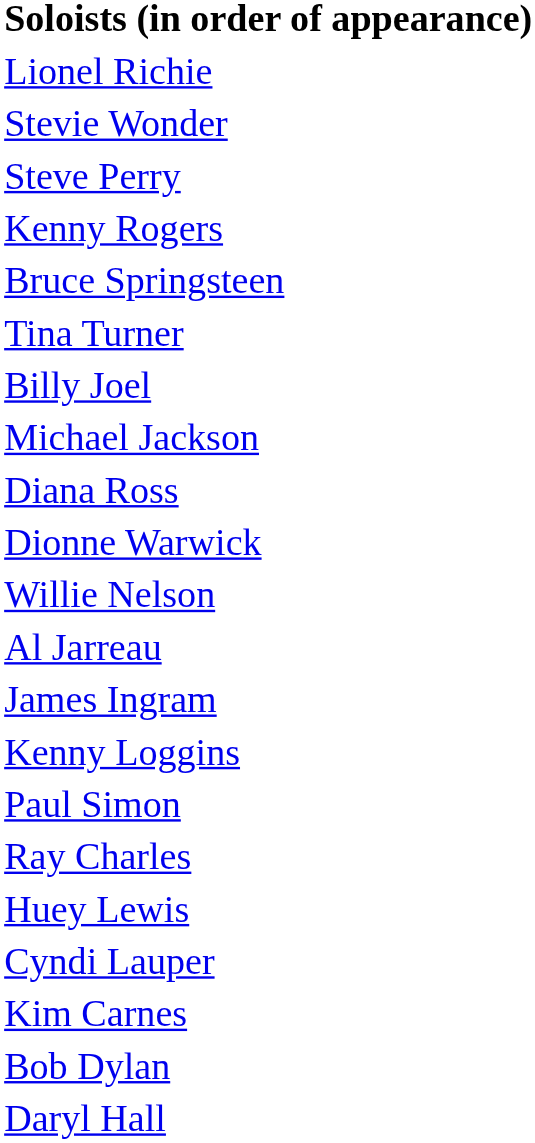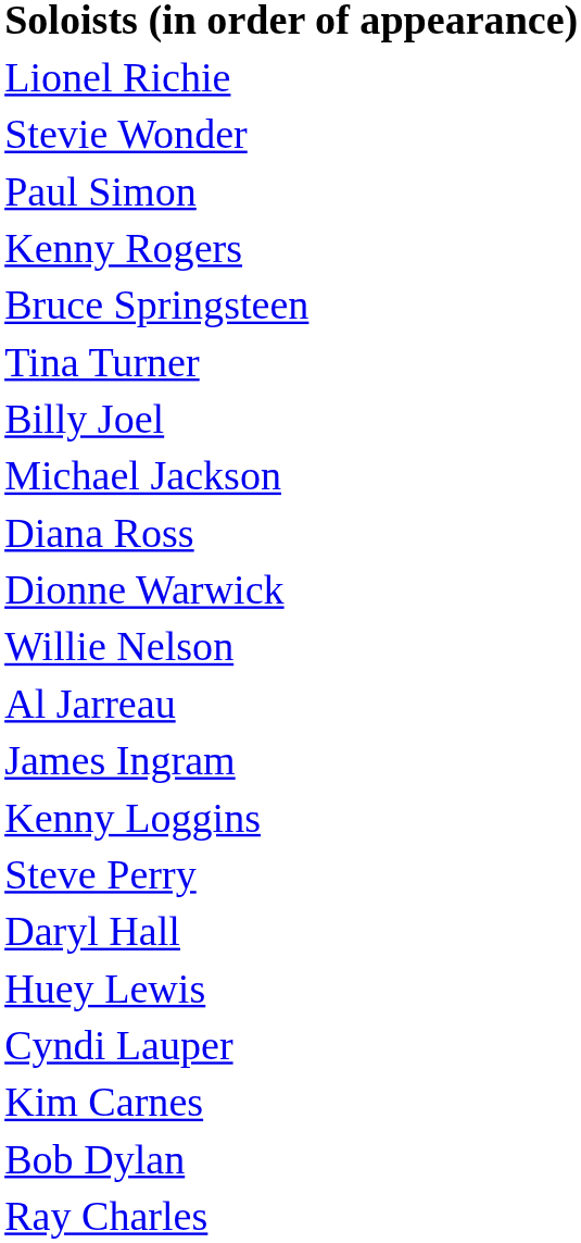 <table>
 <tr>
 <th>Soloists (in order of appearance)</th>
 </tr>
 <tr>
 <td> <a href='#'>Lionel Richie</a></td>
 </tr>
 <tr>
 <td> <a href='#'>Stevie Wonder</a></td>
 </tr>
 <tr>
-<td> <a href='#'>Steve Perry</a></td>
+<td> <a href='#'>Paul Simon</a></td>
 </tr>
 <tr>
 <td> <a href='#'>Kenny Rogers</a></td>
 </tr>
 <tr>
 <td> <a href='#'>Bruce Springsteen</a></td>
 </tr>
 <tr>
 <td> <a href='#'>Tina Turner</a></td>
 </tr>
 <tr>
 <td> <a href='#'>Billy Joel</a></td>
 </tr>
 <tr>
 <td> <a href='#'>Michael Jackson</a></td>
 </tr>
 <tr>
 <td> <a href='#'>Diana Ross</a></td>
 </tr>
 <tr>
 <td> <a href='#'>Dionne Warwick</a></td>
 </tr>
 <tr>
 <td> <a href='#'>Willie Nelson</a></td>
 </tr>
 <tr>
 <td> <a href='#'>Al Jarreau</a></td>
 </tr>
 <tr>
 <td> <a href='#'>James Ingram</a></td>
 </tr>
 <tr>
 <td> <a href='#'>Kenny Loggins</a></td>
 </tr>
 <tr>
-<td> <a href='#'>Paul Simon</a></td>
+<td> <a href='#'>Steve Perry</a></td>
 </tr>
 <tr>
-<td> <a href='#'>Ray Charles</a></td>
+<td> <a href='#'>Daryl Hall</a></td>
 </tr>
 <tr>
 <td> <a href='#'>Huey Lewis</a></td>
 </tr>
 <tr>
 <td> <a href='#'>Cyndi Lauper</a></td>
 </tr>
 <tr>
 <td> <a href='#'>Kim Carnes</a></td>
 </tr>
 <tr>
 <td> <a href='#'>Bob Dylan</a></td>
 </tr>
 <tr>
-<td> <a href='#'>Daryl Hall</a></td>
+<td> <a href='#'>Ray Charles</a></td>
 </tr>
 <tr>
 </tr>
 </table>
